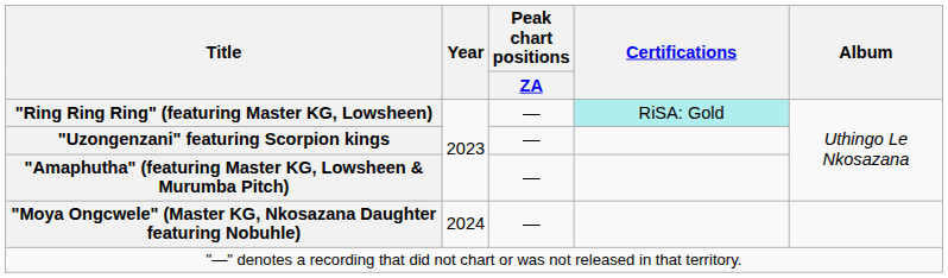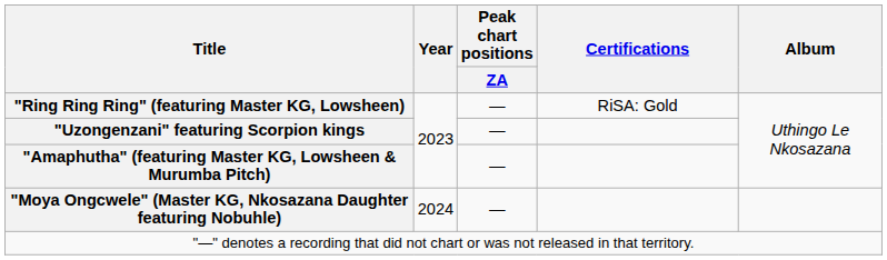 <table class="wikitable plainrowheaders" style="text-align:center;">
 <tr>
 <th scope="col" rowspan="2">Title</th>
 <th scope="col" rowspan="2">Year</th>
 <th scope="col" colspan="1">Peak chart positions</th>
 <th scope="col" rowspan="2" style="width:12em;"><a href='#'>Certifications</a></th>
 <th scope="col" rowspan="2">Album</th>
 </tr>
 <tr>
 <th scope="col" style="width:3em;font-size:100%;"><a href='#'>ZA</a><br></th>
 </tr>
 <tr>
 <th scope="row">"Ring Ring Ring" (featuring Master KG, Lowsheen)</th>
 <td rowspan=3>2023</td>
 <td>—</td>
-<td style="background: paleturquoise;">RiSA: Gold</td>
+<td>RiSA: Gold</td>
 <td rowspan=3><em>Uthingo Le Nkosazana</em></td>
 </tr>
 <tr>
 <th scope="row">"Uzongenzani" featuring Scorpion kings</th>
 <td>—</td>
 <td></td>
 </tr>
 <tr>
 <th scope="row">"Amaphutha" (featuring Master KG, Lowsheen & Murumba Pitch)</th>
 <td>—</td>
 <td></td>
 </tr>
 <tr>
 <th scope="row">"Moya Ongcwele" (Master KG, Nkosazana Daughter featuring Nobuhle)</th>
 <td>2024</td>
 <td>—</td>
 <td></td>
 <td></td>
 </tr>
 <tr>
 <td colspan="8" style="font-size:90%">"—" denotes a recording that did not chart or was not released in that territory.</td>
 </tr>
 </table>
